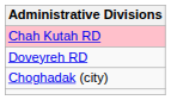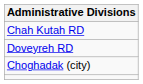 <table class="wikitable">
 <tr>
 <th>Administrative Divisions</th>
 </tr>
 <tr>
-<td style="background: pink;"><a href='#'>Chah Kutah RD</a></td>
+<td><a href='#'>Chah Kutah RD</a></td>
 </tr>
 <tr>
 <td><a href='#'>Doveyreh RD</a></td>
 </tr>
 <tr>
 <td><a href='#'>Choghadak</a> (city)</td>
 </tr>
 <tr>
 <td colspan=1></td>
 </tr>
 </table>
